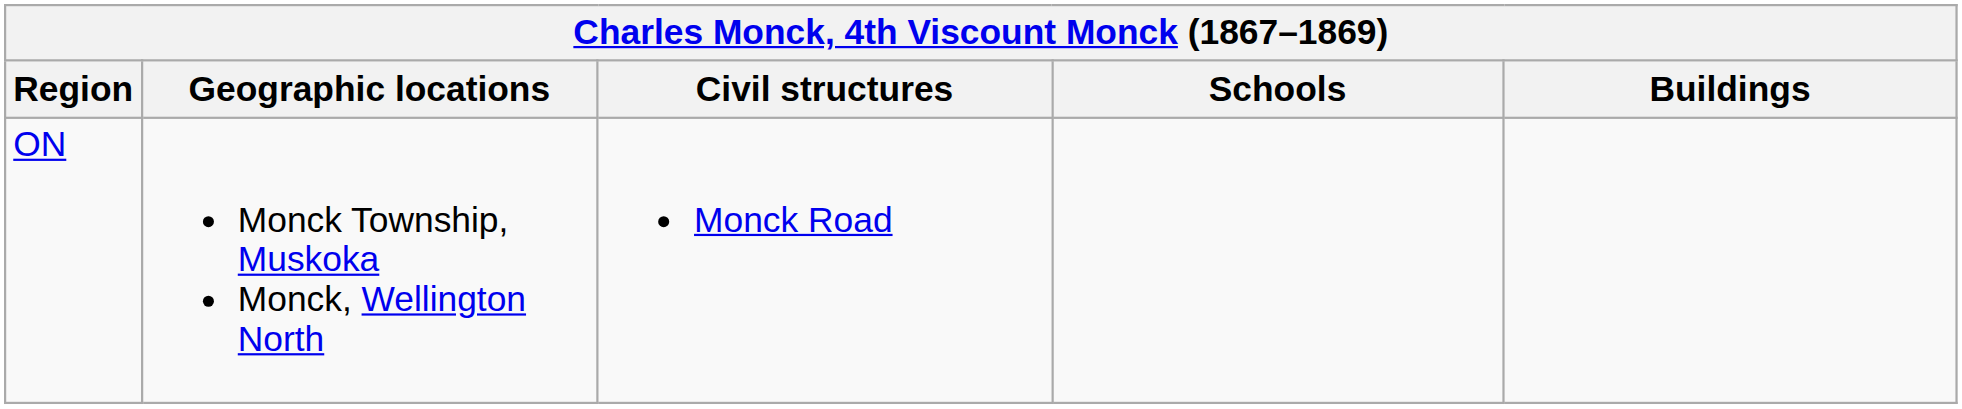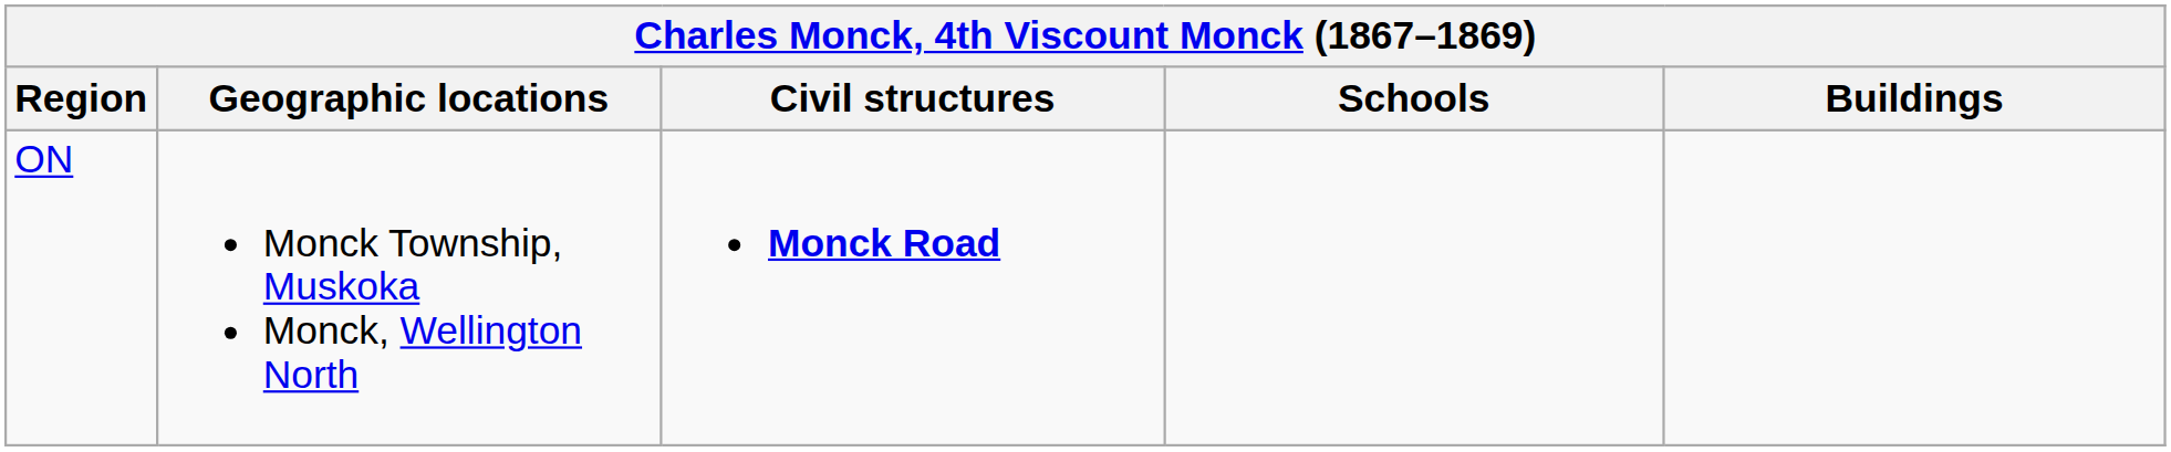 <table class="wikitable" width="100%">
 <tr>
 <th colspan="5"> <a href='#'>Charles Monck, 4th Viscount Monck</a> (1867–1869)</th>
 </tr>
 <tr>
 <th width="5%">Region</th>
 <th width="23.75%">Geographic locations</th>
 <th width="23.75%">Civil structures</th>
 <th width="23.75%">Schools</th>
 <th width="23.75%">Buildings</th>
 </tr>
 <tr>
 <td align=left valign=top> <a href='#'>ON</a></td>
 <td align=left valign=top><br><ul><li>Monck Township, <a href='#'>Muskoka</a></li><li>Monck, <a href='#'>Wellington North</a></li></ul></td>
-<td align=left valign=top><br><ul><li><a href='#'>Monck Road</a></li></ul></td>
+<td align=left valign=top><strong><br><ul><li><a href='#'>Monck Road</a></li></ul></strong></td>
 <td></td>
 <td></td>
 </tr>
 </table>
